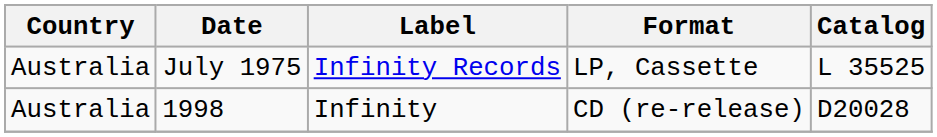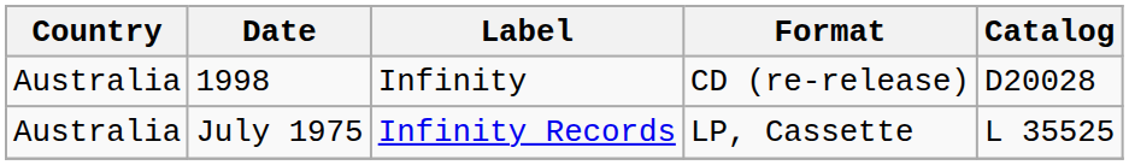 <table class="wikitable">
 <tr>
 <th>Country</th>
 <th>Date</th>
 <th>Label</th>
 <th>Format</th>
 <th>Catalog</th>
 </tr>
 <tr>
 <td>Australia</td>
+<td>1998</td>
+<td>Infinity</td>
+<td>CD (re-release)</td>
+<td>D20028</td>
+</tr>
+<tr>
+<td>Australia</td>
 <td>July 1975</td>
 <td><a href='#'>Infinity Records</a></td>
 <td>LP, Cassette</td>
 <td>L 35525</td>
 </tr>
 <tr>
-<td>Australia</td>
-<td>1998</td>
-<td>Infinity</td>
-<td>CD (re-release)</td>
-<td>D20028</td>
-</tr>
-<tr>
 </tr>
 </table>
